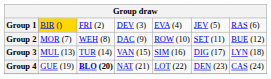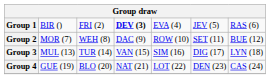 <table class="wikitable" style="text-align:center; font-size:85%">
 <tr>
 <th colspan="7">Group draw</th>
 </tr>
 <tr>
 <th>Group 1</th>
-<td align="left" style="background: gold;"> <a href='#'>BIR</a> ()</td>
+<td align="left"> <a href='#'>BIR</a> ()</td>
 <td align="left"> <a href='#'>FRI</a> (2)</td>
-<td align="left"> <a href='#'>DEV</a> (3)</td>
+<td align="left"><strong> <a href='#'>DEV</a> (3)</strong></td>
 <td align="left"> <a href='#'>EVA</a> (4)</td>
 <td align="left"> <a href='#'>JEV</a> (5)</td>
 <td align="left"> <a href='#'>RAS</a> (6)</td>
 </tr>
 <tr>
 <th>Group 2</th>
 <td align="left"> <a href='#'>MOR</a> (7)</td>
 <td align="left"> <a href='#'>WEH</a> (8)</td>
 <td align="left"> <a href='#'>DAC</a> (9)</td>
 <td align="left"> <a href='#'>ROW</a> (10)</td>
 <td align="left"> <a href='#'>SET</a> (11)</td>
 <td align="left"> <a href='#'>BUE</a> (12)</td>
 </tr>
 <tr>
 <th>Group 3</th>
 <td align="left"> <a href='#'>MUL</a> (13)</td>
 <td align="left"> <a href='#'>TUR</a> (14)</td>
 <td align="left"> <a href='#'>VAN</a> (15)</td>
 <td align="left"> <a href='#'>SIM</a> (16)</td>
 <td align="left"> <a href='#'>DIG</a> (17)</td>
 <td align="left"> <a href='#'>LYN</a> (18)</td>
 </tr>
 <tr>
 <th>Group 4</th>
 <td align="left"> <a href='#'>GUE</a> (19)</td>
-<td align="left"><strong> <a href='#'>BLO</a> (20)</strong></td>
+<td align="left"> <a href='#'>BLO</a> (20)</td>
 <td align="left"> <a href='#'>NAT</a> (21)</td>
 <td align="left"> <a href='#'>LOT</a> (22)</td>
 <td align="left"> <a href='#'>DEN</a> (23)</td>
 <td align="left"> <a href='#'>CAS</a> (24)</td>
 </tr>
 <tr>
 </tr>
 </table>
